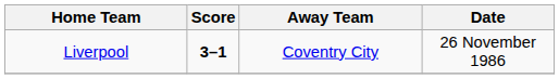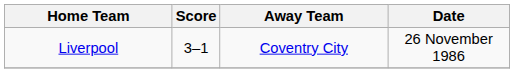 <table class="wikitable" style="text-align:center;">
 <tr>
 <th width=175>Home Team</th>
 <th width=20>Score</th>
 <th width=175>Away Team</th>
 <th width= 125>Date</th>
 </tr>
 <tr>
 <td><a href='#'>Liverpool</a></td>
-<td><strong>3–1</strong></td>
+<td>3–1</td>
 <td><a href='#'>Coventry City</a></td>
 <td>26 November 1986</td>
 </tr>
 <tr>
 </tr>
 </table>
